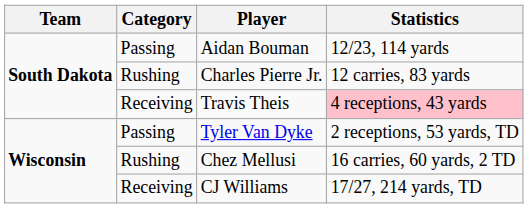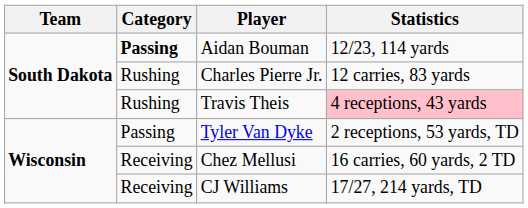 <table class="wikitable" style="float: right;">
 <tr>
 <th>Team</th>
 <th>Category</th>
 <th>Player</th>
 <th>Statistics</th>
 </tr>
 <tr>
 <td rowspan=3><strong>South Dakota</strong></td>
-<td>Passing</td>
+<td><strong>Passing</strong></td>
 <td>Aidan Bouman</td>
 <td>12/23, 114 yards</td>
 </tr>
 <tr>
 <td>Rushing</td>
 <td>Charles Pierre Jr.</td>
 <td>12 carries, 83 yards</td>
 </tr>
 <tr>
-<td>Receiving</td>
+<td>Rushing</td>
 <td>Travis Theis</td>
 <td style="background: pink;">4 receptions, 43 yards</td>
 </tr>
 <tr>
 <td rowspan=3><strong>Wisconsin</strong></td>
 <td>Passing</td>
 <td><a href='#'>Tyler Van Dyke</a></td>
 <td>2 receptions, 53 yards, TD</td>
 </tr>
 <tr>
-<td>Rushing</td>
+<td>Receiving</td>
 <td>Chez Mellusi</td>
 <td>16 carries, 60 yards, 2 TD</td>
 </tr>
 <tr>
 <td>Receiving</td>
 <td>CJ Williams</td>
 <td>17/27, 214 yards, TD</td>
 </tr>
 </table>
